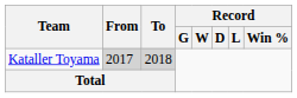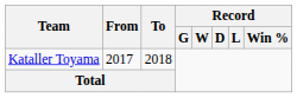 <table class="wikitable" style="text-align: center">
 <tr>
 <th rowspan="2">Team</th>
 <th rowspan="2">From</th>
 <th rowspan="2">To</th>
 <th colspan="5">Record</th>
 </tr>
 <tr>
 <th>G</th>
 <th>W</th>
 <th>D</th>
 <th>L</th>
 <th>Win %</th>
 </tr>
 <tr>
 <td align="left"><a href='#'>Kataller Toyama</a></td>
-<td align="left" style="background: lightgrey;">2017</td>
-<td align="left" style="background: lightgrey;">2018<br></td>
+<td align="left">2017</td>
+<td align="left">2018<br></td>
 </tr>
 <tr>
 <th colspan="3">Total<br></th>
 </tr>
 </table>
